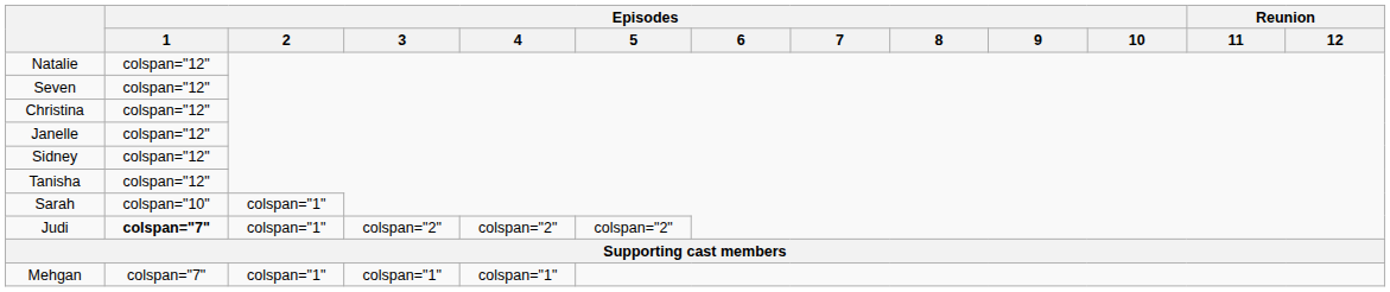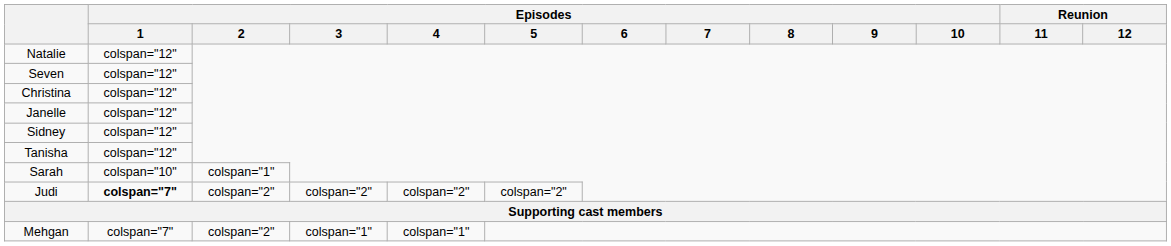 <table class="wikitable plainrowheaders" style="text-align:center; font-size:85%; width:100%">
 <tr>
 <th scope="col" rowspan="2" style="width:5%;"></th>
 <th scope="col" colspan="10">Episodes</th>
 <th scope="col" colspan="2">Reunion</th>
 </tr>
 <tr>
 <th style="width:5%;">1</th>
 <th style="width:5%;">2</th>
 <th style="width:5%;">3</th>
 <th style="width:5%;">4</th>
 <th style="width:5%;">5</th>
 <th style="width:5%;">6</th>
 <th style="width:5%;">7</th>
 <th style="width:5%;">8</th>
 <th style="width:5%;">9</th>
 <th style="width:5%;">10</th>
 <th style="width:5%;">11</th>
 <th style="width:5%;">12</th>
 </tr>
 <tr>
 <td scope="row">Natalie</td>
 <td>colspan="12" </td>
 </tr>
 <tr>
 <td scope="row">Seven</td>
 <td>colspan="12" </td>
 </tr>
 <tr>
 <td scope="row">Christina</td>
 <td>colspan="12" </td>
 </tr>
 <tr>
 <td scope="row">Janelle</td>
 <td>colspan="12" </td>
 </tr>
 <tr>
 <td scope="row">Sidney</td>
 <td>colspan="12" </td>
 </tr>
 <tr>
 <td scope="row">Tanisha</td>
 <td>colspan="12" </td>
 </tr>
 <tr>
 <td scope="row">Sarah</td>
 <td>colspan="10" </td>
 <td>colspan="1" </td>
 </tr>
 <tr>
 <td scope="row">Judi</td>
 <td><strong>colspan="7" </strong></td>
-<td>colspan="1" </td>
+<td>colspan="2" </td>
 <td>colspan="2" </td>
 <td>colspan="2" </td>
 <td>colspan="2" </td>
 </tr>
 <tr>
 <th colspan="13">Supporting cast members</th>
 </tr>
 <tr>
 <td scope="row">Mehgan</td>
 <td>colspan="7" </td>
-<td>colspan="1" </td>
+<td>colspan="2" </td>
 <td>colspan="1" </td>
 <td>colspan="1" </td>
 </tr>
 </table>
